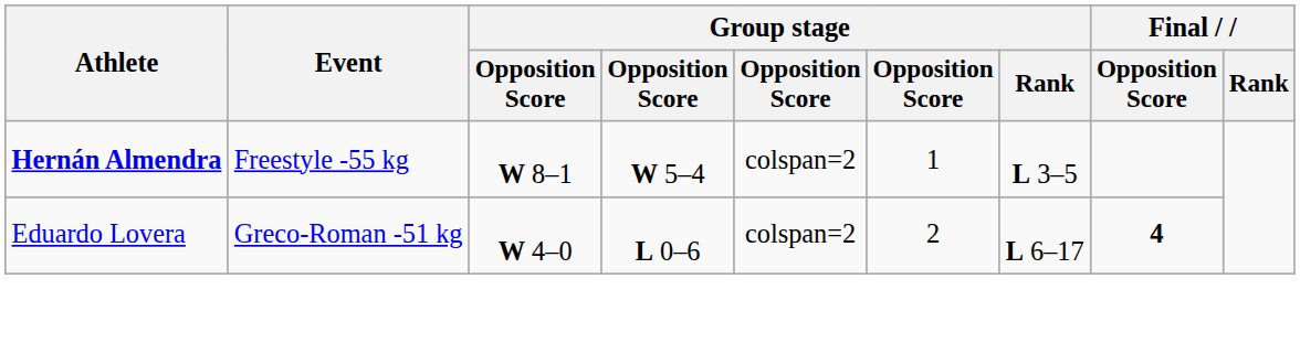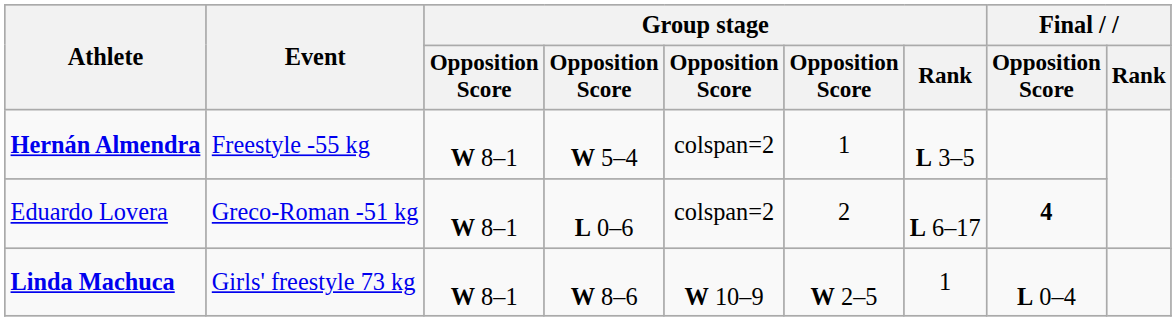 <table class="wikitable" style="font-size:90%">
 <tr>
 <th rowspan=2>Athlete</th>
 <th rowspan=2>Event</th>
 <th colspan=5>Group stage</th>
 <th colspan=2>Final /  / </th>
 </tr>
 <tr style="font-size:95%">
 <th>Opposition<br>Score</th>
 <th>Opposition<br>Score</th>
 <th>Opposition<br>Score</th>
 <th>Opposition<br>Score</th>
 <th>Rank</th>
 <th>Opposition<br>Score</th>
 <th>Rank</th>
 </tr>
 <tr align=center>
 <td align=left><strong><a href='#'>Hernán Almendra</a></strong></td>
 <td align=left><a href='#'>Freestyle -55 kg</a></td>
 <td><br><strong>W</strong> 8–1</td>
 <td><br><strong>W</strong> 5–4</td>
 <td>colspan=2 </td>
 <td>1</td>
 <td><br><strong>L</strong> 3–5</td>
 <td></td>
 </tr>
 <tr align=center>
 <td align=left><a href='#'>Eduardo Lovera</a></td>
 <td align=left><a href='#'>Greco-Roman -51 kg</a></td>
-<td><br><strong>W</strong> 4–0</td>
+<td><br><strong>W</strong> 8–1</td>
 <td><br><strong>L</strong> 0–6</td>
 <td>colspan=2 </td>
 <td>2</td>
 <td><br><strong>L</strong> 6–17</td>
 <td><strong>4</strong></td>
 </tr>
+<tr align=center>
+<td align=left><strong><a href='#'>Linda Machuca</a></strong></td>
+<td align=left><a href='#'>Girls' freestyle 73 kg</a></td>
+<td><br><strong>W</strong> 8–1</td>
+<td><br><strong>W</strong> 8–6</td>
+<td><br><strong>W</strong> 10–9</td>
+<td><br><strong>W</strong> 2–5</td>
+<td>1</td>
+<td><br><strong>L</strong> 0–4</td>
+<td></td>
+</tr>
 </table>
